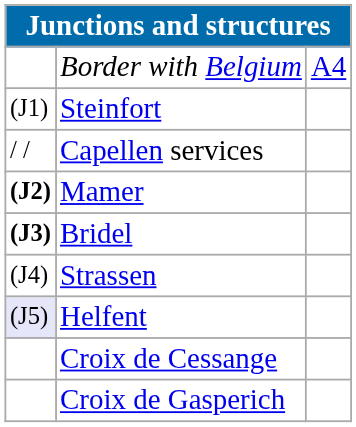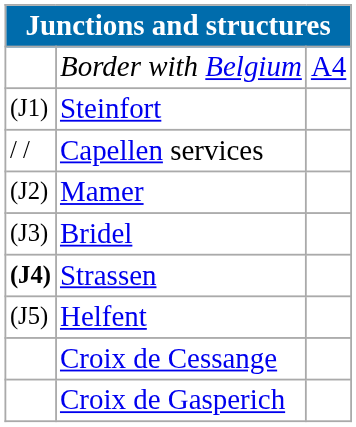 <table border="1" cellpadding="2" cellspacing="0" align="left" style="margin-left:0.5em; border:1px solid #aaa; border-collapse:collapse;">
 <tr>
 <td colspan=3 style="color:#ffffff;background-color:#006CAC; text-align: center;"><strong>Junctions and structures</strong></td>
 </tr>
 <tr>
 <td style="font-size:85%;"></td>
 <td><em>Border with <a href='#'>Belgium</a></em></td>
 <td><a href='#'><span>A4</span></a></td>
 </tr>
 <tr>
 <td style="font-size:85%;"> (J1)</td>
 <td><a href='#'>Steinfort</a></td>
 <td></td>
 </tr>
 <tr>
 <td style="font-size:85%;"> /  / </td>
 <td><a href='#'>Capellen</a> services</td>
 <td></td>
 </tr>
 <tr>
-<td style="font-size:85%;"><strong> (J2)</strong></td>
+<td style="font-size:85%;"> (J2)</td>
 <td><a href='#'>Mamer</a></td>
 <td></td>
 </tr>
 <tr>
-<td style="font-size:85%;"><strong> (J3)</strong></td>
+<td style="font-size:85%;"> (J3)</td>
 <td><a href='#'>Bridel</a></td>
 <td></td>
 </tr>
 <tr>
-<td style="font-size:85%;"> (J4)</td>
+<td style="font-size:85%;"><strong> (J4)</strong></td>
 <td><a href='#'>Strassen</a></td>
 <td></td>
 </tr>
 <tr>
-<td style="background: lavender; font-size:85%;"> (J5)</td>
+<td style="font-size:85%;"> (J5)</td>
 <td><a href='#'>Helfent</a></td>
 <td><br></td>
 </tr>
 <tr>
 <td style="font-size:85%;"></td>
 <td><a href='#'>Croix de Cessange</a></td>
 <td></td>
 </tr>
 <tr>
 <td style="font-size:85%;"></td>
 <td><a href='#'>Croix de Gasperich</a></td>
 <td></td>
 </tr>
 </table>
